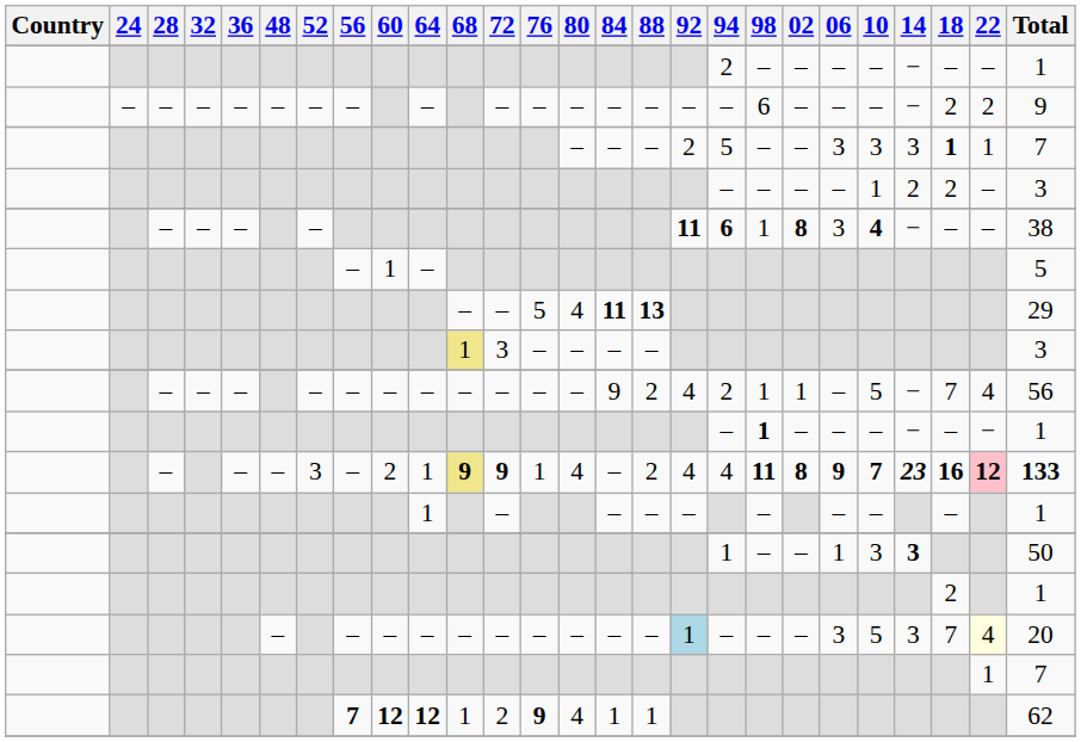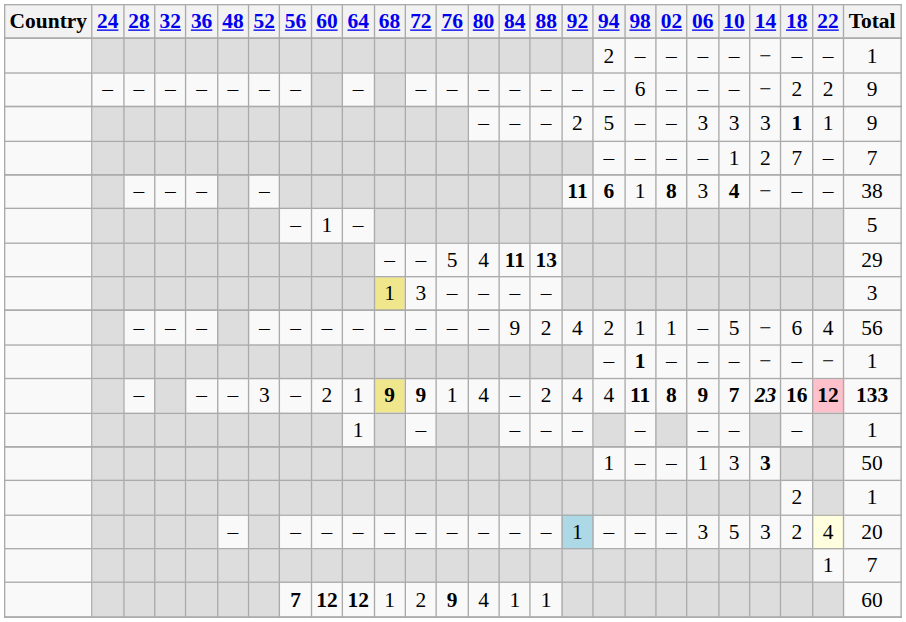 <table class=wikitable style="text-align:center">
 <tr>
 <th>Country</th>
 <th><a href='#'>24</a></th>
 <th><a href='#'>28</a></th>
 <th><a href='#'>32</a></th>
 <th><a href='#'>36</a></th>
 <th><a href='#'>48</a></th>
 <th><a href='#'>52</a></th>
 <th><a href='#'>56</a></th>
 <th><a href='#'>60</a></th>
 <th><a href='#'>64</a></th>
 <th><a href='#'>68</a></th>
 <th><a href='#'>72</a></th>
 <th><a href='#'>76</a></th>
 <th><a href='#'>80</a></th>
 <th><a href='#'>84</a></th>
 <th><a href='#'>88</a></th>
 <th><a href='#'>92</a></th>
 <th><a href='#'>94</a></th>
 <th><a href='#'>98</a></th>
 <th><a href='#'>02</a></th>
 <th><a href='#'>06</a></th>
 <th><a href='#'>10</a></th>
 <th><a href='#'>14</a></th>
 <th><a href='#'>18</a></th>
 <th><a href='#'>22</a></th>
 <th>Total</th>
 </tr>
 <tr>
 </tr>
 <tr>
 <td align=left></td>
 <td style="background:#ddd"> </td>
 <td style="background:#ddd"> </td>
 <td style="background:#ddd"> </td>
 <td style="background:#ddd"> </td>
 <td style="background:#ddd"> </td>
 <td style="background:#ddd"> </td>
 <td style="background:#ddd"> </td>
 <td style="background:#ddd"> </td>
 <td style="background:#ddd"> </td>
 <td style="background:#ddd"> </td>
 <td style="background:#ddd"> </td>
 <td style="background:#ddd"> </td>
 <td style="background:#ddd"> </td>
 <td style="background:#ddd"> </td>
 <td style="background:#ddd"> </td>
 <td style="background:#ddd"> </td>
 <td>2</td>
 <td>–</td>
 <td>–</td>
 <td>–</td>
 <td>–</td>
 <td>−</td>
 <td>–</td>
 <td>–</td>
 <td>1</td>
 </tr>
 <tr>
 <td align=left></td>
 <td>–</td>
 <td>–</td>
 <td>–</td>
 <td>–</td>
 <td>–</td>
 <td>–</td>
 <td>–</td>
 <td style="background:#ddd"> </td>
 <td>–</td>
 <td style="background:#ddd"> </td>
 <td>–</td>
 <td>–</td>
 <td>–</td>
 <td>–</td>
 <td>–</td>
 <td>–</td>
 <td>–</td>
 <td>6</td>
 <td>–</td>
 <td>–</td>
 <td>–</td>
 <td>−</td>
 <td>2</td>
 <td>2</td>
 <td>9</td>
 </tr>
 <tr>
 </tr>
 <tr>
 <td align=left></td>
 <td style="background:#ddd"> </td>
 <td style="background:#ddd"> </td>
 <td style="background:#ddd"> </td>
 <td style="background:#ddd"> </td>
 <td style="background:#ddd"> </td>
 <td style="background:#ddd"> </td>
 <td style="background:#ddd"> </td>
 <td style="background:#ddd"> </td>
 <td style="background:#ddd"> </td>
 <td style="background:#ddd"> </td>
 <td style="background:#ddd"> </td>
 <td style="background:#ddd"> </td>
 <td>–</td>
 <td>–</td>
 <td>–</td>
 <td>2</td>
 <td>5</td>
 <td>–</td>
 <td>–</td>
 <td>3</td>
 <td>3</td>
 <td>3</td>
 <td><strong>1</strong></td>
 <td>1</td>
-<td>7</td>
+<td>9</td>
 </tr>
 <tr>
 <td align=left></td>
 <td style="background:#ddd"> </td>
 <td style="background:#ddd"> </td>
 <td style="background:#ddd"> </td>
 <td style="background:#ddd"> </td>
 <td style="background:#ddd"> </td>
 <td style="background:#ddd"> </td>
 <td style="background:#ddd"> </td>
 <td style="background:#ddd"> </td>
 <td style="background:#ddd"> </td>
 <td style="background:#ddd"> </td>
 <td style="background:#ddd"> </td>
 <td style="background:#ddd"> </td>
 <td style="background:#ddd"> </td>
 <td style="background:#ddd"> </td>
 <td style="background:#ddd"> </td>
 <td style="background:#ddd"> </td>
 <td>–</td>
 <td>–</td>
 <td>–</td>
 <td>–</td>
 <td>1</td>
 <td>2</td>
-<td>2</td>
+<td>7</td>
 <td>–</td>
-<td>3</td>
+<td>7</td>
 </tr>
 <tr>
 </tr>
 <tr>
 <td align=left></td>
 <td style="background:#ddd"> </td>
 <td>–</td>
 <td>–</td>
 <td>–</td>
 <td style="background:#ddd"> </td>
 <td>–</td>
 <td style="background:#ddd"> </td>
 <td style="background:#ddd"> </td>
 <td style="background:#ddd"> </td>
 <td style="background:#ddd"> </td>
 <td style="background:#ddd"> </td>
 <td style="background:#ddd"> </td>
 <td style="background:#ddd"> </td>
 <td style="background:#ddd"> </td>
 <td style="background:#ddd"> </td>
 <td><strong>11</strong></td>
 <td><strong>6</strong></td>
 <td>1</td>
 <td><strong>8</strong></td>
 <td>3</td>
 <td><strong>4</strong></td>
 <td>−</td>
 <td>–</td>
 <td>–</td>
 <td>38</td>
 </tr>
 <tr>
 <td align=left></td>
 <td style="background:#ddd"> </td>
 <td style="background:#ddd"> </td>
 <td style="background:#ddd"> </td>
 <td style="background:#ddd"> </td>
 <td style="background:#ddd"> </td>
 <td style="background:#ddd"> </td>
 <td>–</td>
 <td>1</td>
 <td>–</td>
 <td style="background:#ddd"> </td>
 <td style="background:#ddd"> </td>
 <td style="background:#ddd"> </td>
 <td style="background:#ddd"> </td>
 <td style="background:#ddd"> </td>
 <td style="background:#ddd"> </td>
 <td style="background:#ddd"> </td>
 <td style="background:#ddd"> </td>
 <td style="background:#ddd"> </td>
 <td style="background:#ddd"> </td>
 <td style="background:#ddd"> </td>
 <td style="background:#ddd"> </td>
 <td style="background:#ddd"> </td>
 <td style="background:#ddd"> </td>
 <td style="background:#ddd"> </td>
 <td>5</td>
 </tr>
 <tr>
 <td align=left></td>
 <td style="background:#ddd"> </td>
 <td style="background:#ddd"> </td>
 <td style="background:#ddd"> </td>
 <td style="background:#ddd"> </td>
 <td style="background:#ddd"> </td>
 <td style="background:#ddd"> </td>
 <td style="background:#ddd"> </td>
 <td style="background:#ddd"> </td>
 <td style="background:#ddd"> </td>
 <td>–</td>
 <td>–</td>
 <td>5</td>
 <td>4</td>
 <td><strong>11</strong></td>
 <td><strong>13</strong></td>
 <td style="background:#ddd"> </td>
 <td style="background:#ddd"> </td>
 <td style="background:#ddd"> </td>
 <td style="background:#ddd"> </td>
 <td style="background:#ddd"> </td>
 <td style="background:#ddd"> </td>
 <td style="background:#ddd"> </td>
 <td style="background:#ddd"> </td>
 <td style="background:#ddd"> </td>
 <td>29</td>
 </tr>
 <tr>
 <td align=left></td>
 <td style="background:#ddd"> </td>
 <td style="background:#ddd"> </td>
 <td style="background:#ddd"> </td>
 <td style="background:#ddd"> </td>
 <td style="background:#ddd"> </td>
 <td style="background:#ddd"> </td>
 <td style="background:#ddd"> </td>
 <td style="background:#ddd"> </td>
 <td style="background:#ddd"> </td>
 <td style="background: khaki;">1</td>
 <td>3</td>
 <td>–</td>
 <td>–</td>
 <td>–</td>
 <td>–</td>
 <td style="background:#ddd"> </td>
 <td style="background:#ddd"> </td>
 <td style="background:#ddd"> </td>
 <td style="background:#ddd"> </td>
 <td style="background:#ddd"> </td>
 <td style="background:#ddd"> </td>
 <td style="background:#ddd"> </td>
 <td style="background:#ddd"> </td>
 <td style="background:#ddd"> </td>
 <td>3</td>
 </tr>
 <tr>
 </tr>
 <tr>
 <td align=left></td>
 <td style="background:#ddd"> </td>
 <td>–</td>
 <td>–</td>
 <td>–</td>
 <td style="background:#ddd"> </td>
 <td>–</td>
 <td>–</td>
 <td>–</td>
 <td>–</td>
 <td>–</td>
 <td>–</td>
 <td>–</td>
 <td>–</td>
 <td>9</td>
 <td>2</td>
 <td>4</td>
 <td>2</td>
 <td>1</td>
 <td>1</td>
 <td>–</td>
 <td>5</td>
 <td>−</td>
-<td>7</td>
+<td>6</td>
 <td>4</td>
 <td>56</td>
 </tr>
 <tr>
 <td align=left></td>
 <td style="background:#ddd"> </td>
 <td style="background:#ddd"> </td>
 <td style="background:#ddd"> </td>
 <td style="background:#ddd"> </td>
 <td style="background:#ddd"> </td>
 <td style="background:#ddd"> </td>
 <td style="background:#ddd"> </td>
 <td style="background:#ddd"> </td>
 <td style="background:#ddd"> </td>
 <td style="background:#ddd"> </td>
 <td style="background:#ddd"> </td>
 <td style="background:#ddd"> </td>
 <td style="background:#ddd"> </td>
 <td style="background:#ddd"> </td>
 <td style="background:#ddd"> </td>
 <td style="background:#ddd"> </td>
 <td>–</td>
 <td><strong>1</strong></td>
 <td>–</td>
 <td>–</td>
 <td>–</td>
 <td>−</td>
 <td>–</td>
 <td>−</td>
 <td>1</td>
 </tr>
 <tr>
 <td align=left></td>
 <td style="background:#ddd"> </td>
 <td>–</td>
 <td style="background:#ddd"> </td>
 <td>–</td>
 <td>–</td>
 <td>3</td>
 <td>–</td>
 <td>2</td>
 <td>1</td>
 <td style="background: khaki;"><strong>9</strong></td>
 <td><strong>9</strong></td>
 <td>1</td>
 <td>4</td>
 <td>–</td>
 <td>2</td>
 <td>4</td>
 <td>4</td>
 <td><strong>11</strong></td>
 <td><strong>8</strong></td>
 <td><strong>9</strong></td>
 <td><strong>7</strong></td>
 <td><strong><em>23</em></strong></td>
 <td><strong>16</strong></td>
 <td style="background: pink;"><strong>12</strong></td>
 <td><strong>133</strong></td>
 </tr>
 <tr>
 <td align=left></td>
 <td style="background:#ddd"> </td>
 <td style="background:#ddd"> </td>
 <td style="background:#ddd"> </td>
 <td style="background:#ddd"> </td>
 <td style="background:#ddd"> </td>
 <td style="background:#ddd"> </td>
 <td style="background:#ddd"> </td>
 <td style="background:#ddd"> </td>
 <td>1</td>
 <td style="background:#ddd"> </td>
 <td>–</td>
 <td style="background:#ddd"> </td>
 <td style="background:#ddd"> </td>
 <td>–</td>
 <td>–</td>
 <td>–</td>
 <td style="background:#ddd"> </td>
 <td>–</td>
 <td style="background:#ddd"> </td>
 <td>–</td>
 <td>–</td>
 <td style="background:#ddd"> </td>
 <td>–</td>
 <td style="background:#ddd"> </td>
 <td>1</td>
 </tr>
 <tr>
 </tr>
 <tr>
 </tr>
 <tr>
 <td align=left></td>
 <td style="background:#ddd"> </td>
 <td style="background:#ddd"> </td>
 <td style="background:#ddd"> </td>
 <td style="background:#ddd"> </td>
 <td style="background:#ddd"> </td>
 <td style="background:#ddd"> </td>
 <td style="background:#ddd"> </td>
 <td style="background:#ddd"> </td>
 <td style="background:#ddd"> </td>
 <td style="background:#ddd"> </td>
 <td style="background:#ddd"> </td>
 <td style="background:#ddd"> </td>
 <td style="background:#ddd"> </td>
 <td style="background:#ddd"> </td>
 <td style="background:#ddd"> </td>
 <td style="background:#ddd"> </td>
 <td>1</td>
 <td>–</td>
 <td>–</td>
 <td>1</td>
 <td>3</td>
 <td><strong>3</strong></td>
 <td style="background:#ddd"> </td>
 <td style="background:#ddd"> </td>
 <td>50</td>
 </tr>
 <tr>
 <td align=left></td>
 <td style="background:#ddd"> </td>
 <td style="background:#ddd"> </td>
 <td style="background:#ddd"> </td>
 <td style="background:#ddd"> </td>
 <td style="background:#ddd"> </td>
 <td style="background:#ddd"> </td>
 <td style="background:#ddd"> </td>
 <td style="background:#ddd"> </td>
 <td style="background:#ddd"> </td>
 <td style="background:#ddd"> </td>
 <td style="background:#ddd"> </td>
 <td style="background:#ddd"> </td>
 <td style="background:#ddd"> </td>
 <td style="background:#ddd"> </td>
 <td style="background:#ddd"> </td>
 <td style="background:#ddd"> </td>
 <td style="background:#ddd"> </td>
 <td style="background:#ddd"> </td>
 <td style="background:#ddd"> </td>
 <td style="background:#ddd"> </td>
 <td style="background:#ddd"> </td>
 <td style="background:#ddd"> </td>
 <td>2</td>
 <td style="background:#ddd"> </td>
 <td>1</td>
 </tr>
 <tr>
 <td align=left></td>
 <td style="background:#ddd"> </td>
 <td style="background:#ddd"> </td>
 <td style="background:#ddd"> </td>
 <td style="background:#ddd"> </td>
 <td>–</td>
 <td style="background:#ddd"> </td>
 <td>–</td>
 <td>–</td>
 <td>–</td>
 <td>–</td>
 <td>–</td>
 <td>–</td>
 <td>–</td>
 <td>–</td>
 <td>–</td>
 <td style="background: lightblue;">1</td>
 <td>–</td>
 <td>–</td>
 <td>–</td>
 <td>3</td>
 <td>5</td>
 <td>3</td>
-<td>7</td>
+<td>2</td>
 <td style="background: lightyellow;">4</td>
 <td>20</td>
 </tr>
 <tr>
 <td align=left></td>
 <td style="background:#ddd"> </td>
 <td style="background:#ddd"> </td>
 <td style="background:#ddd"> </td>
 <td style="background:#ddd"> </td>
 <td style="background:#ddd"> </td>
 <td style="background:#ddd"> </td>
 <td style="background:#ddd"> </td>
 <td style="background:#ddd"> </td>
 <td style="background:#ddd"> </td>
 <td style="background:#ddd"> </td>
 <td style="background:#ddd"> </td>
 <td style="background:#ddd"> </td>
 <td style="background:#ddd"> </td>
 <td style="background:#ddd"> </td>
 <td style="background:#ddd"> </td>
 <td style="background:#ddd"> </td>
 <td style="background:#ddd"> </td>
 <td style="background:#ddd"> </td>
 <td style="background:#ddd"> </td>
 <td style="background:#ddd"> </td>
 <td style="background:#ddd"> </td>
 <td style="background:#ddd"> </td>
 <td style="background:#ddd"> </td>
 <td>1</td>
 <td>7</td>
 </tr>
 <tr>
 <td align=left></td>
 <td style="background:#ddd"> </td>
 <td style="background:#ddd"> </td>
 <td style="background:#ddd"> </td>
 <td style="background:#ddd"> </td>
 <td style="background:#ddd"> </td>
 <td style="background:#ddd"> </td>
 <td><strong>7</strong></td>
 <td><strong>12</strong></td>
 <td><strong>12</strong></td>
 <td>1</td>
 <td>2</td>
 <td><strong>9</strong></td>
 <td>4</td>
 <td>1</td>
 <td>1</td>
 <td style="background:#ddd"> </td>
 <td style="background:#ddd"> </td>
 <td style="background:#ddd"> </td>
 <td style="background:#ddd"> </td>
 <td style="background:#ddd"> </td>
 <td style="background:#ddd"> </td>
 <td style="background:#ddd"> </td>
 <td style="background:#ddd"> </td>
 <td style="background:#ddd"> </td>
-<td>62</td>
+<td>60</td>
 </tr>
 <tr>
 </tr>
 <tr>
 </tr>
 <tr>
 </tr>
 </table>
